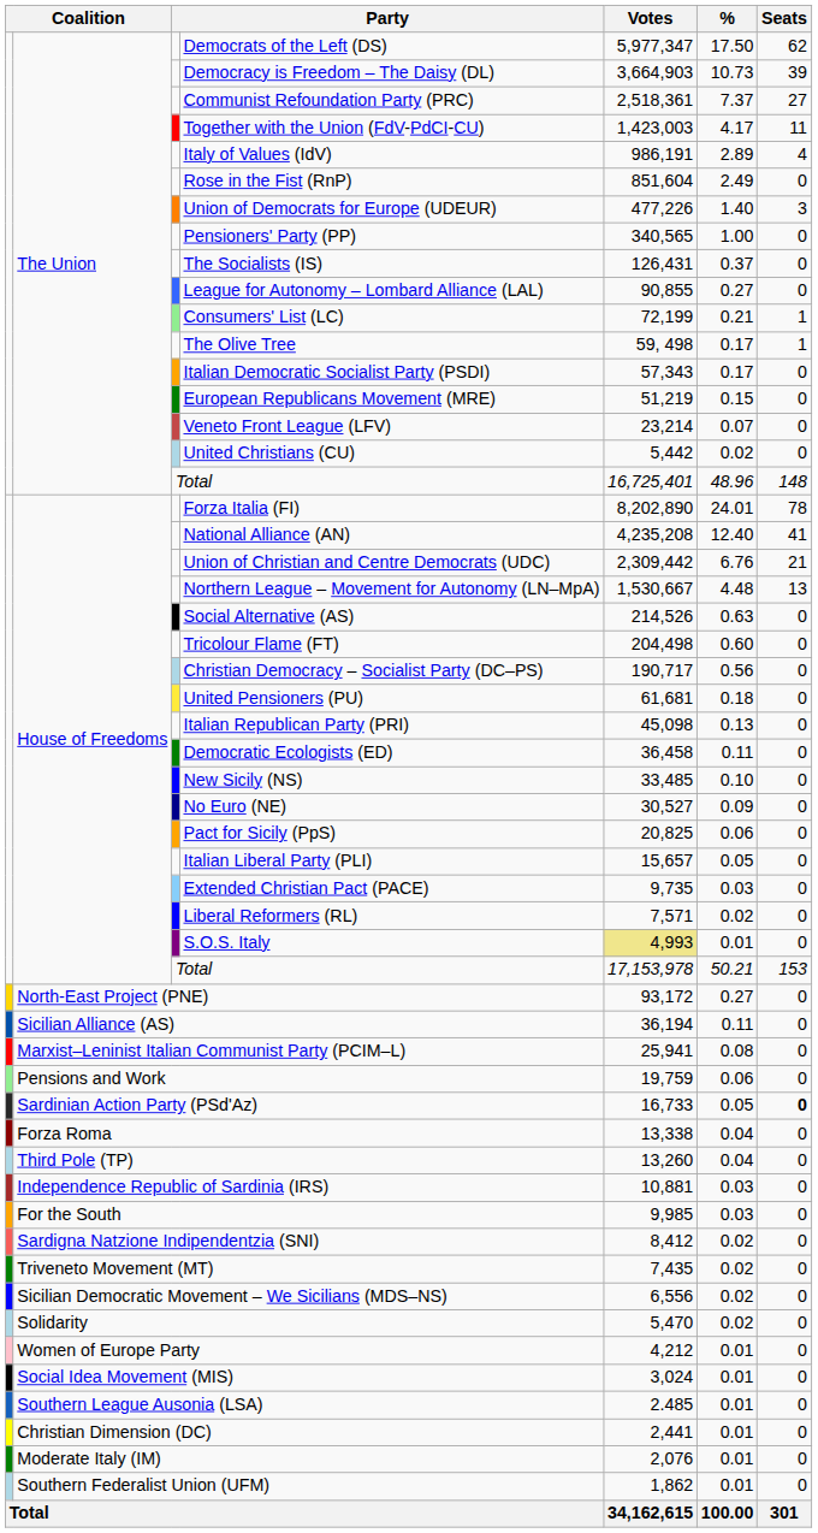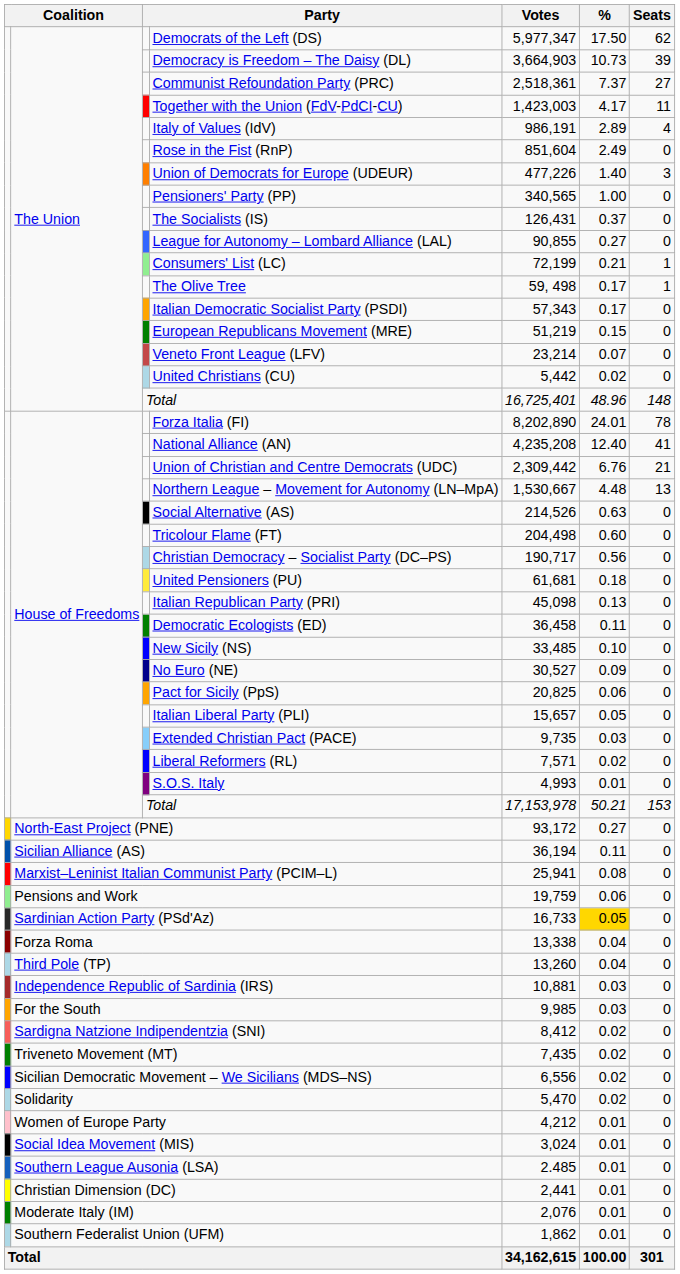 <table class="wikitable" style="text-align:right">
 <tr>
 <th colspan=2>Coalition</th>
 <th colspan=2>Party</th>
 <th>Votes</th>
 <th>%</th>
 <th>Seats</th>
 </tr>
 <tr>
 <td rowspan=17 style="background-color:"></td>
 <td style="text-align:left;" rowspan="17"><a href='#'>The Union</a></td>
 <td style="background-color:"></td>
 <td style="text-align:left;"><a href='#'>Democrats of the Left</a> (DS)</td>
 <td>5,977,347</td>
 <td>17.50</td>
 <td>62</td>
 </tr>
 <tr>
 <td style="background-color:"></td>
 <td style="text-align:left;"><a href='#'>Democracy is Freedom – The Daisy</a> (DL)</td>
 <td>3,664,903</td>
 <td>10.73</td>
 <td>39</td>
 </tr>
 <tr>
 <td style="background-color:"></td>
 <td style="text-align:left;"><a href='#'>Communist Refoundation Party</a> (PRC)</td>
 <td>2,518,361</td>
 <td>7.37</td>
 <td>27</td>
 </tr>
 <tr>
 <td style="background:red;"></td>
 <td style="text-align:left;"><a href='#'>Together with the Union</a> (<a href='#'>FdV</a>-<a href='#'>PdCI</a>-<a href='#'>CU</a>)</td>
 <td>1,423,003</td>
 <td>4.17</td>
 <td>11</td>
 </tr>
 <tr>
 <td style="background-color:"></td>
 <td style="text-align:left;"><a href='#'>Italy of Values</a> (IdV)</td>
 <td>986,191</td>
 <td>2.89</td>
 <td>4</td>
 </tr>
 <tr>
 <td style="background-color:"></td>
 <td style="text-align:left;"><a href='#'>Rose in the Fist</a> (RnP)</td>
 <td>851,604</td>
 <td>2.49</td>
 <td>0</td>
 </tr>
 <tr>
 <td style="background:#FF7F00;"></td>
 <td style="text-align:left;"><a href='#'>Union of Democrats for Europe</a> (UDEUR)</td>
 <td>477,226</td>
 <td>1.40</td>
 <td>3</td>
 </tr>
 <tr>
 <td style="background-color:"></td>
 <td style="text-align:left;"><a href='#'>Pensioners' Party</a> (PP)</td>
 <td>340,565</td>
 <td>1.00</td>
 <td>0</td>
 </tr>
 <tr>
 <td style="background-color:"></td>
 <td style="text-align:left;"><a href='#'>The Socialists</a> (IS)</td>
 <td>126,431</td>
 <td>0.37</td>
 <td>0</td>
 </tr>
 <tr>
 <td style="background:#36f;"></td>
 <td style="text-align:left;"><a href='#'>League for Autonomy – Lombard Alliance</a> (LAL)</td>
 <td>90,855</td>
 <td>0.27</td>
 <td>0</td>
 </tr>
 <tr>
 <td style="background:lightgreen;"></td>
 <td style="text-align:left;"><a href='#'>Consumers' List</a> (LC)</td>
 <td>72,199</td>
 <td>0.21</td>
 <td>1</td>
 </tr>
 <tr>
 <td style="background-color:"></td>
 <td style="text-align:left;"><a href='#'>The Olive Tree</a></td>
 <td>59, 498</td>
 <td>0.17</td>
 <td>1</td>
 </tr>
 <tr>
 <td style="background:orange;"></td>
 <td style="text-align:left;"><a href='#'>Italian Democratic Socialist Party</a> (PSDI)</td>
 <td>57,343</td>
 <td>0.17</td>
 <td>0</td>
 </tr>
 <tr>
 <td style="background:green;"></td>
 <td style="text-align:left;"><a href='#'>European Republicans Movement</a> (MRE)</td>
 <td>51,219</td>
 <td>0.15</td>
 <td>0</td>
 </tr>
 <tr>
 <td style="background: #C34848;"></td>
 <td style="text-align:left;"><a href='#'>Veneto Front League</a> (LFV)</td>
 <td>23,214</td>
 <td>0.07</td>
 <td>0</td>
 </tr>
 <tr>
 <td style="background: lightblue;"></td>
 <td style="text-align:left;"><a href='#'>United Christians</a> (CU)</td>
 <td>5,442</td>
 <td>0.02</td>
 <td>0</td>
 </tr>
 <tr>
 <td colspan="2" style="text-align:left;"><em>Total</em></td>
 <td><em>16,725,401</em></td>
 <td><em>48.96</em></td>
 <td><em>148</em></td>
 </tr>
 <tr>
 <td rowspan=18 style="background-color:"></td>
 <td style="text-align:left;" rowspan="18"><a href='#'>House of Freedoms</a></td>
 <td style="background-color:"></td>
 <td style="text-align:left;"><a href='#'>Forza Italia</a> (FI)</td>
 <td>8,202,890</td>
 <td>24.01</td>
 <td>78</td>
 </tr>
 <tr>
 <td style="background-color:"></td>
 <td style="text-align:left;"><a href='#'>National Alliance</a> (AN)</td>
 <td>4,235,208</td>
 <td>12.40</td>
 <td>41</td>
 </tr>
 <tr>
 <td style="background-color:"></td>
 <td style="text-align:left;"><a href='#'>Union of Christian and Centre Democrats</a> (UDC)</td>
 <td>2,309,442</td>
 <td>6.76</td>
 <td>21</td>
 </tr>
 <tr>
 <td style="background-color:"></td>
 <td style="text-align:left;"><a href='#'>Northern League</a> – <a href='#'>Movement for Autonomy</a> (LN–MpA)</td>
 <td>1,530,667</td>
 <td>4.48</td>
 <td>13</td>
 </tr>
 <tr>
 <td style="background:black;"></td>
 <td style="text-align:left;"><a href='#'>Social Alternative</a>  (AS)</td>
 <td>214,526</td>
 <td>0.63</td>
 <td>0</td>
 </tr>
 <tr>
 <td style="background:"></td>
 <td style="text-align:left;"><a href='#'>Tricolour Flame</a> (FT)</td>
 <td>204,498</td>
 <td>0.60</td>
 <td>0</td>
 </tr>
 <tr>
 <td style="background:lightblue;"></td>
 <td style="text-align:left;"><a href='#'>Christian Democracy</a> – <a href='#'>Socialist Party</a> (DC–PS)</td>
 <td>190,717</td>
 <td>0.56</td>
 <td>0</td>
 </tr>
 <tr>
 <td style="background:#FFEB3B;"></td>
 <td style="text-align:left;"><a href='#'>United Pensioners</a> (PU)</td>
 <td>61,681</td>
 <td>0.18</td>
 <td>0</td>
 </tr>
 <tr>
 <td style="background-color:"></td>
 <td style="text-align:left;"><a href='#'>Italian Republican Party</a> (PRI)</td>
 <td>45,098</td>
 <td>0.13</td>
 <td>0</td>
 </tr>
 <tr>
 <td style="background:green;"></td>
 <td style="text-align:left;"><a href='#'>Democratic Ecologists</a> (ED)</td>
 <td>36,458</td>
 <td>0.11</td>
 <td>0</td>
 </tr>
 <tr>
 <td style="background:blue;"></td>
 <td style="text-align:left;"><a href='#'>New Sicily</a> (NS)</td>
 <td>33,485</td>
 <td>0.10</td>
 <td>0</td>
 </tr>
 <tr>
 <td style="background:darkblue;"></td>
 <td style="text-align:left;"><a href='#'>No Euro</a> (NE)</td>
 <td>30,527</td>
 <td>0.09</td>
 <td>0</td>
 </tr>
 <tr>
 <td style="background:orange;"></td>
 <td style="text-align:left;"><a href='#'>Pact for Sicily</a> (PpS)</td>
 <td>20,825</td>
 <td>0.06</td>
 <td>0</td>
 </tr>
 <tr>
 <td style="background-color:"></td>
 <td style="text-align:left;"><a href='#'>Italian Liberal Party</a> (PLI)</td>
 <td>15,657</td>
 <td>0.05</td>
 <td>0</td>
 </tr>
 <tr>
 <td style="background:lightskyblue;"></td>
 <td style="text-align:left;"><a href='#'>Extended Christian Pact</a> (PACE)</td>
 <td>9,735</td>
 <td>0.03</td>
 <td>0</td>
 </tr>
 <tr>
 <td style="background:blue;"></td>
 <td style="text-align:left;"><a href='#'>Liberal Reformers</a> (RL)</td>
 <td>7,571</td>
 <td>0.02</td>
 <td>0</td>
 </tr>
 <tr>
 <td style="background:purple;"></td>
 <td style="text-align:left;"><a href='#'>S.O.S. Italy</a></td>
-<td style="background: khaki;">4,993</td>
+<td>4,993</td>
 <td>0.01</td>
 <td>0</td>
 </tr>
 <tr>
 <td colspan="2" style="text-align:left;"><em>Total</em></td>
 <td><em>17,153,978</em></td>
 <td><em>50.21</em></td>
 <td><em>153</em></td>
 </tr>
 <tr>
 <td style="background:gold;"></td>
 <td style="text-align:left;" colspan="3"><a href='#'>North-East Project</a> (PNE)</td>
 <td>93,172</td>
 <td>0.27</td>
 <td>0</td>
 </tr>
 <tr>
 <td style="background:#0050AA;"></td>
 <td style="text-align:left;" colspan="3"><a href='#'>Sicilian Alliance</a> (AS)</td>
 <td>36,194</td>
 <td>0.11</td>
 <td>0</td>
 </tr>
 <tr>
 <td style="background:red;"></td>
 <td style="text-align:left;" colspan="3"><a href='#'>Marxist–Leninist Italian Communist Party</a> (PCIM–L)</td>
 <td>25,941</td>
 <td>0.08</td>
 <td>0</td>
 </tr>
 <tr>
 <td style="background:lightgreen;"></td>
 <td style="text-align:left;" colspan="3">Pensions and Work</td>
 <td>19,759</td>
 <td>0.06</td>
 <td>0</td>
 </tr>
 <tr>
 <td style="background:#282828;"></td>
 <td style="text-align:left;" colspan="3"><a href='#'>Sardinian Action Party</a> (PSd'Az)</td>
 <td>16,733</td>
-<td>0.05</td>
-<td><strong>0</strong></td>
+<td style="background: gold;">0.05</td>
+<td>0</td>
 </tr>
 <tr>
 <td style="background:darkred;"></td>
 <td style="text-align:left;" colspan="3">Forza Roma</td>
 <td>13,338</td>
 <td>0.04</td>
 <td>0</td>
 </tr>
 <tr>
 <td style="background:lightblue;"></td>
 <td style="text-align:left;" colspan="3"><a href='#'>Third Pole</a> (TP)</td>
 <td>13,260</td>
 <td>0.04</td>
 <td>0</td>
 </tr>
 <tr>
 <td style="background:brown;"></td>
 <td style="text-align:left;" colspan="3"><a href='#'>Independence Republic of Sardinia</a> (IRS)</td>
 <td>10,881</td>
 <td>0.03</td>
 <td>0</td>
 </tr>
 <tr>
 <td style="background:orange;"></td>
 <td style="text-align:left;" colspan="3">For the South</td>
 <td>9,985</td>
 <td>0.03</td>
 <td>0</td>
 </tr>
 <tr>
 <td style="background:#F75D59;"></td>
 <td style="text-align:left;" colspan="3"><a href='#'>Sardigna Natzione Indipendentzia</a> (SNI)</td>
 <td>8,412</td>
 <td>0.02</td>
 <td>0</td>
 </tr>
 <tr>
 <td style="background:green;"></td>
 <td style="text-align:left;" colspan="3">Triveneto Movement (MT)</td>
 <td>7,435</td>
 <td>0.02</td>
 <td>0</td>
 </tr>
 <tr>
 <td style="background:blue;"></td>
 <td style="text-align:left;" colspan="3">Sicilian Democratic Movement – <a href='#'>We Sicilians</a> (MDS–NS)</td>
 <td>6,556</td>
 <td>0.02</td>
 <td>0</td>
 </tr>
 <tr>
 <td style="background:lightblue;"></td>
 <td style="text-align:left;" colspan="3">Solidarity</td>
 <td>5,470</td>
 <td>0.02</td>
 <td>0</td>
 </tr>
 <tr>
 <td style="background:pink;"></td>
 <td style="text-align:left;" colspan="3">Women of Europe Party</td>
 <td>4,212</td>
 <td>0.01</td>
 <td>0</td>
 </tr>
 <tr>
 <td style="background:black;"></td>
 <td style="text-align:left;" colspan="3"><a href='#'>Social Idea Movement</a> (MIS)</td>
 <td>3,024</td>
 <td>0.01</td>
 <td>0</td>
 </tr>
 <tr>
 <td style="background:#1560BD;"></td>
 <td style="text-align:left;" colspan="3"><a href='#'>Southern League Ausonia</a> (LSA)</td>
 <td>2.485</td>
 <td>0.01</td>
 <td>0</td>
 </tr>
 <tr>
 <td style="background:yellow;"></td>
 <td style="text-align:left;" colspan="3">Christian Dimension (DC)</td>
 <td>2,441</td>
 <td>0.01</td>
 <td>0</td>
 </tr>
 <tr>
 <td style="background:green;"></td>
 <td style="text-align:left;" colspan="3">Moderate Italy (IM)</td>
 <td>2,076</td>
 <td>0.01</td>
 <td>0</td>
 </tr>
 <tr>
 <td style="background:lightblue;"></td>
 <td style="text-align:left;" colspan="3">Southern Federalist Union (UFM)</td>
 <td>1,862</td>
 <td>0.01</td>
 <td>0</td>
 </tr>
 <tr>
 <th style="text-align:left;" colspan="4"><strong>Total</strong></th>
 <th><strong>34,162,615</strong></th>
 <th><strong>100.00</strong></th>
 <th><strong>301</strong></th>
 </tr>
 </table>
